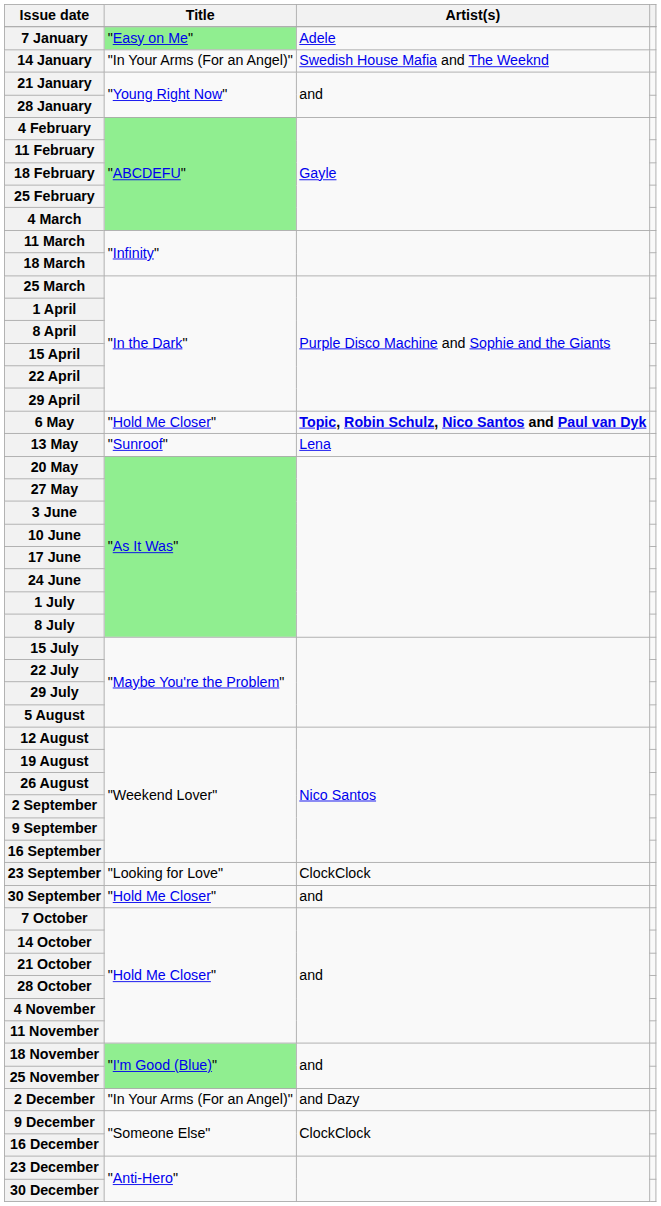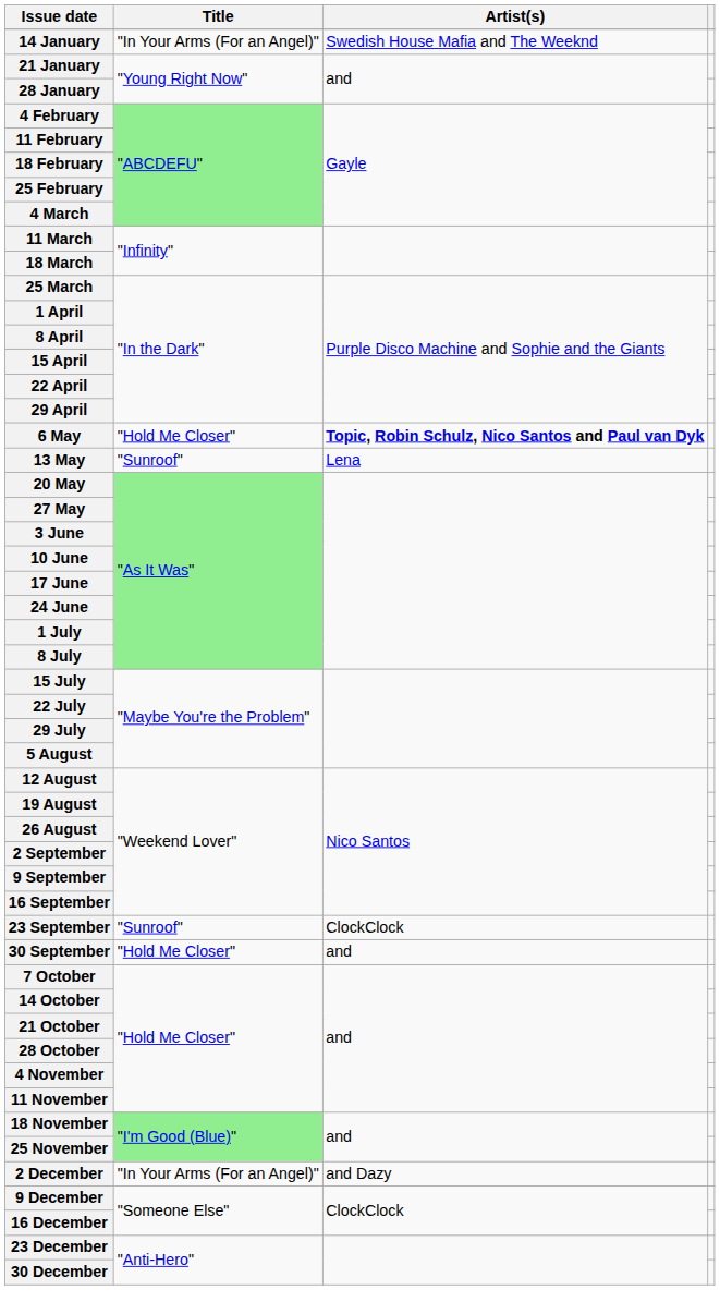 <table class="sortable wikitable sortable plainrowheaders">
 <tr>
 <th scope=col class="sortable">Issue date</th>
 <th scope=col class="sortable">Title</th>
 <th scope=col class="sortable">Artist(s)</th>
 <th scope=col class="unsortable"></th>
 </tr>
 <tr class=unsortable>
-</tr>
-<tr>
-<th scope="row" style="text-align:center;">7 January</th>
-<td style="background-color:lightgreen">"<a href='#'>Easy on Me</a>" </td>
-<td><a href='#'>Adele</a></td>
-<td style="text-align:center;"></td>
 </tr>
 <tr>
 <th scope="row" style="text-align:center;">14 January</th>
 <td>"In Your Arms (For an Angel)"</td>
 <td><a href='#'>Swedish House Mafia</a> and <a href='#'>The Weeknd</a></td>
 <td style="text-align:center;"></td>
 </tr>
 <tr>
 <th scope="row" style="text-align:center;">21 January</th>
 <td rowspan=2>"<a href='#'>Young Right Now</a>"</td>
 <td rowspan=2> and </td>
 <td style="text-align:center;"></td>
 </tr>
 <tr>
 <th scope="row" style="text-align:center;">28 January</th>
 <td style="text-align:center;"></td>
 </tr>
 <tr>
 <th scope="row" style="text-align:center;">4 February</th>
 <td rowspan=5 style="background-color:lightgreen">"<a href='#'>ABCDEFU</a>" </td>
 <td rowspan=5><a href='#'>Gayle</a></td>
 <td style="text-align:center;"></td>
 </tr>
 <tr>
 <th scope="row" style="text-align:center;">11 February</th>
 <td style="text-align:center;"></td>
 </tr>
 <tr>
 <th scope="row" style="text-align:center;">18 February</th>
 <td style="text-align:center;"></td>
 </tr>
 <tr>
 <th scope="row" style="text-align:center;">25 February</th>
 <td style="text-align:center;"></td>
 </tr>
 <tr>
 <th scope="row" style="text-align:center;">4 March</th>
 <td style="text-align:center;"></td>
 </tr>
 <tr>
 <th scope="row" style="text-align:center;">11 March</th>
 <td rowspan=2>"<a href='#'>Infinity</a>"</td>
 <td rowspan=2></td>
 <td style="text-align:center;"></td>
 </tr>
 <tr>
 <th scope="row" style="text-align:center;">18 March</th>
 <td style="text-align:center;"></td>
 </tr>
 <tr>
 <th scope="row" style="text-align:center;">25 March</th>
 <td rowspan=6>"<a href='#'>In the Dark</a>"</td>
 <td rowspan=6><a href='#'>Purple Disco Machine</a> and <a href='#'>Sophie and the Giants</a></td>
 <td style="text-align:center;"></td>
 </tr>
 <tr>
 <th scope="row" style="text-align:center;">1 April</th>
 <td style="text-align:center;"></td>
 </tr>
 <tr>
 <th scope="row" style="text-align:center;">8 April</th>
 <td style="text-align:center;"></td>
 </tr>
 <tr>
 <th scope="row" style="text-align:center;">15 April</th>
 <td style="text-align:center;"></td>
 </tr>
 <tr>
 <th scope="row" style="text-align:center;">22 April</th>
 <td style="text-align:center;"></td>
 </tr>
 <tr>
 <th scope="row" style="text-align:center;">29 April</th>
 <td style="text-align:center;"></td>
 </tr>
 <tr>
 <th scope="row" style="text-align:center;">6 May</th>
 <td>"<a href='#'>Hold Me Closer</a>"</td>
 <td><strong><a href='#'>Topic</a>, <a href='#'>Robin Schulz</a>, <a href='#'>Nico Santos</a> and <a href='#'>Paul van Dyk</a></strong></td>
 <td style="text-align:center;"></td>
 </tr>
 <tr>
 <th scope="row" style="text-align:center;">13 May</th>
 <td>"<a href='#'>Sunroof</a>"</td>
 <td><a href='#'>Lena</a></td>
 <td style="text-align:center;"></td>
 </tr>
 <tr>
 <th scope="row" style="text-align:center;">20 May</th>
 <td rowspan=8 style="background-color:lightgreen">"<a href='#'>As It Was</a>" </td>
 <td rowspan=8></td>
 <td style="text-align:center;"></td>
 </tr>
 <tr>
 <th scope="row" style="text-align:center;">27 May</th>
 <td style="text-align:center;"></td>
 </tr>
 <tr>
 <th scope="row" style="text-align:center;">3 June</th>
 <td style="text-align:center;"></td>
 </tr>
 <tr>
 <th scope="row" style="text-align:center;">10 June</th>
 <td style="text-align:center;"></td>
 </tr>
 <tr>
 <th scope="row" style="text-align:center;">17 June</th>
 <td style="text-align:center;"></td>
 </tr>
 <tr>
 <th scope="row" style="text-align:center;">24 June</th>
 <td style="text-align:center;"></td>
 </tr>
 <tr>
 <th scope="row" style="text-align:center;">1 July</th>
 <td style="text-align:center;"></td>
 </tr>
 <tr>
 <th scope="row" style="text-align:center;">8 July</th>
 <td style="text-align:center;"></td>
 </tr>
 <tr>
 <th scope="row" style="text-align:center;">15 July</th>
 <td rowspan=4>"<a href='#'>Maybe You're the Problem</a>"</td>
 <td rowspan=4></td>
 <td style="text-align:center;"></td>
 </tr>
 <tr>
 <th scope="row" style="text-align:center;">22 July</th>
 <td style="text-align:center;"></td>
 </tr>
 <tr>
 <th scope="row" style="text-align:center;">29 July</th>
 <td style="text-align:center;"></td>
 </tr>
 <tr>
 <th scope="row" style="text-align:center;">5 August</th>
 <td style="text-align:center;"></td>
 </tr>
 <tr>
 <th scope="row" style="text-align:center;">12 August</th>
 <td rowspan=6>"Weekend Lover"</td>
 <td rowspan=6><a href='#'>Nico Santos</a></td>
 <td style="text-align:center;"></td>
 </tr>
 <tr>
 <th scope="row" style="text-align:center;">19 August</th>
 <td style="text-align:center;"></td>
 </tr>
 <tr>
 <th scope="row" style="text-align:center;">26 August</th>
 <td style="text-align:center;"></td>
 </tr>
 <tr>
 <th scope="row" style="text-align:center;">2 September</th>
 <td style="text-align:center;"></td>
 </tr>
 <tr>
 <th scope="row" style="text-align:center;">9 September</th>
 <td style="text-align:center;"></td>
 </tr>
 <tr>
 <th scope="row" style="text-align:center;">16 September</th>
 <td style="text-align:center;"></td>
 </tr>
 <tr>
 <th scope="row" style="text-align:center;">23 September</th>
-<td>"Looking for Love"</td>
+<td>"<a href='#'>Sunroof</a>"</td>
 <td>ClockClock</td>
 <td style="text-align:center;"></td>
 </tr>
 <tr>
 <th scope="row" style="text-align:center;">30 September</th>
 <td>"<a href='#'>Hold Me Closer</a>"</td>
 <td> and </td>
 <td style="text-align:center;"></td>
 </tr>
 <tr>
 <th scope="row" style="text-align:center;">7 October</th>
 <td rowspan=6>"<a href='#'>Hold Me Closer</a>"</td>
 <td rowspan=6> and </td>
 <td style="text-align:center;"></td>
 </tr>
 <tr>
 <th scope="row" style="text-align:center;">14 October</th>
 <td style="text-align:center;"></td>
 </tr>
 <tr>
 <th scope="row" style="text-align:center;">21 October</th>
 <td style="text-align:center;"></td>
 </tr>
 <tr>
 <th scope="row" style="text-align:center;">28 October</th>
 <td style="text-align:center;"></td>
 </tr>
 <tr>
 <th scope="row" style="text-align:center;">4 November</th>
 <td style="text-align:center;"></td>
 </tr>
 <tr>
 <th scope="row" style="text-align:center;">11 November</th>
 <td style="text-align:center;"></td>
 </tr>
 <tr>
 <th scope="row" style="text-align:center;">18 November</th>
 <td rowspan=2 style="background-color:lightgreen">"<a href='#'>I'm Good (Blue)</a>" </td>
 <td rowspan=2> and </td>
 <td style="text-align:center;"></td>
 </tr>
 <tr>
 <th scope="row" style="text-align:center;">25 November</th>
 <td style="text-align:center;"></td>
 </tr>
 <tr>
 <th scope="row" style="text-align:center;">2 December</th>
 <td>"In Your Arms (For an Angel)"</td>
 <td> and Dazy</td>
 <td style="text-align:center;"></td>
 </tr>
 <tr>
 <th scope="row" style="text-align:center;">9 December</th>
 <td rowspan=2>"Someone Else"</td>
 <td rowspan=2>ClockClock</td>
 <td style="text-align:center;"></td>
 </tr>
 <tr>
 <th scope="row" style="text-align:center;">16 December</th>
 <td style="text-align:center;"></td>
 </tr>
 <tr>
 <th scope="row" style="text-align:center;">23 December</th>
 <td rowspan=2>"<a href='#'>Anti-Hero</a>"</td>
 <td rowspan=2></td>
 <td style="text-align:center;"></td>
 </tr>
 <tr>
 <th scope="row" style="text-align:center;">30 December</th>
 <td style="text-align:center;"></td>
 </tr>
 </table>
